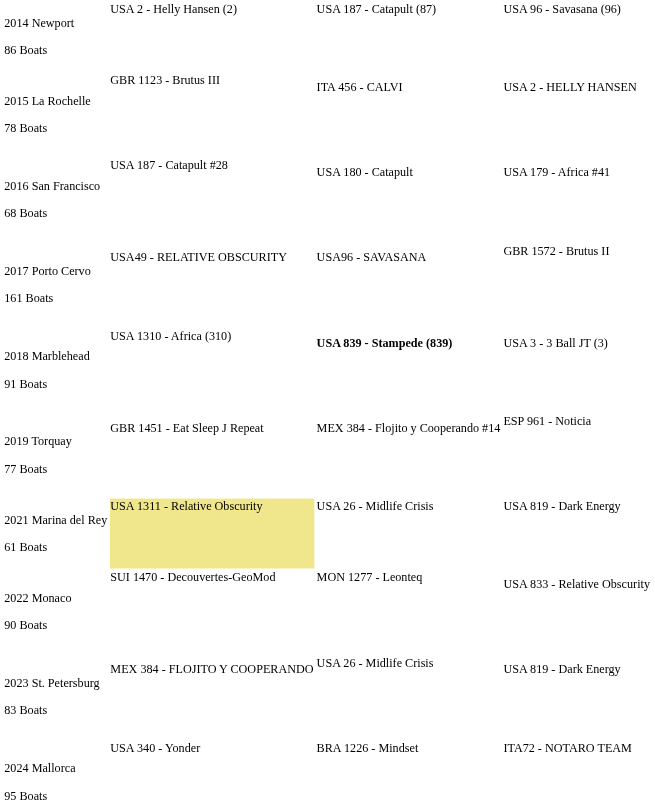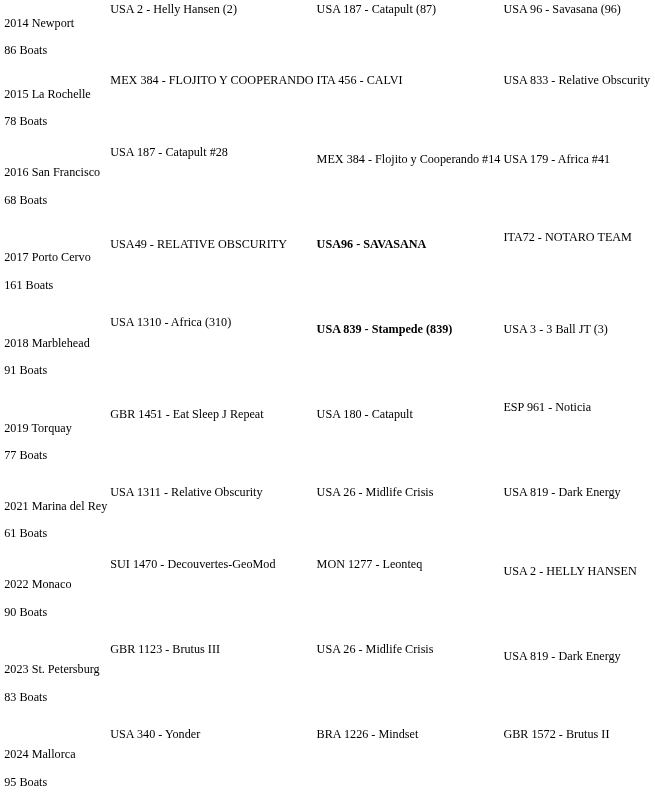 <table>
 <tr>
 <td>2014 Newport<br><br>86 Boats</td>
 <td>USA 2 - Helly Hansen (2)<br><br><br> <br> <br> </td>
 <td>USA 187 - Catapult (87)<br><br><br> <br> <br> </td>
 <td>USA 96 - Savasana (96)<br><br><br> <br> <br> </td>
 <td></td>
 </tr>
 <tr>
 <td>2015 La Rochelle<br><br>78 Boats</td>
-<td>GBR 1123 - Brutus III<br><br><br><br> <br> <br> </td>
+<td>MEX  384 - FLOJITO Y COOPERANDO <br><br><br> <br> <br> </td>
 <td>ITA 456 - CALVI<br><br><br> <br> <br> </td>
-<td>USA 2 - HELLY HANSEN <br><br><br> <br> <br> </td>
+<td>USA 833 - Relative Obscurity<br><br><br><br> <br> </td>
 <td></td>
 </tr>
 <tr>
 <td>2016 San Francisco<br><br>68 Boats</td>
 <td>USA 187 - Catapult #28<br><br><br> <br> <br> <br></td>
-<td>USA 180 - Catapult<br><br><br><br> <br> </td>
+<td>MEX 384 - Flojito y Cooperando	 #14<br><br><br> <br> <br> </td>
 <td>USA 179 - Africa #41<br><br><br> <br> <br> </td>
 <td></td>
 </tr>
 <tr>
 <td>2017 Porto Cervo<br><br>161 Boats</td>
 <td>USA49 - RELATIVE OBSCURITY<br><br><br> <br> <br> </td>
-<td>USA96 - SAVASANA <br><br><br> <br> <br> </td>
-<td>GBR 1572 - Brutus II<br><br><br><br> <br> <br> </td>
+<td><strong>USA96 - SAVASANA <br><br><br> <br> <br> </strong></td>
+<td>ITA72 - NOTARO TEAM<br><br><br> <br> <br> <br> </td>
 <td></td>
 </tr>
 <tr>
 <td>2018 Marblehead<br><br>91 Boats</td>
 <td>USA 1310 - Africa (310)<br><br><br> <br> <br> <br></td>
 <td><strong>USA 839 - Stampede (839)<br><br><br> <br> <br> </strong></td>
 <td>USA 3 - 3 Ball JT (3)<br><br><br> <br> <br> </td>
 <td></td>
 </tr>
 <tr>
 <td>2019 Torquay<br><br>77 Boats</td>
 <td>GBR 1451 - Eat Sleep J Repeat<br><br><br><br> <br> </td>
-<td>MEX 384 - Flojito y Cooperando	 #14<br><br><br> <br> <br> </td>
+<td>USA 180 - Catapult<br><br><br><br> <br> </td>
 <td>ESP 961 - Noticia<br><br><br><br> <br> <br> </td>
 <td></td>
 </tr>
 <tr>
 <td>2021 Marina del Rey<br><br>61 Boats</td>
-<td style="background: khaki;">USA 1311 - Relative Obscurity<br><br><br><br> <br> </td>
+<td>USA 1311 - Relative Obscurity<br><br><br><br> <br> </td>
 <td>USA 26 - Midlife Crisis<br><br><br><br> <br> </td>
 <td>USA 819 - Dark Energy<br><br><br><br> <br> </td>
 <td></td>
 </tr>
 <tr>
 <td>2022 Monaco<br><br>90 Boats</td>
 <td>SUI 1470 - Decouvertes-GeoMod<br><br><br><br> <br> <br> </td>
 <td>MON 1277 - Leonteq<br><br><br><br> <br> <br> </td>
-<td>USA 833 - Relative Obscurity<br><br><br><br> <br> </td>
+<td>USA 2 - HELLY HANSEN <br><br><br> <br> <br> </td>
 <td></td>
 </tr>
 <tr>
 <td>2023 St. Petersburg<br><br>83 Boats</td>
-<td>MEX  384 - FLOJITO Y COOPERANDO <br><br><br> <br> <br> </td>
+<td>GBR 1123 - Brutus III<br><br><br><br> <br> <br> </td>
 <td>USA 26 - Midlife Crisis<br><br><br><br> <br> <br></td>
 <td>USA 819 - Dark Energy<br><br><br><br> <br> </td>
 <td></td>
 </tr>
 <tr>
 <td>2024 Mallorca<br><br>95 Boats</td>
 <td>USA 340 - Yonder<br><br><br><br> <br> <br></td>
 <td>BRA 1226 - Mindset<br><br><br><br> <br> <br></td>
-<td>ITA72 - NOTARO TEAM<br><br><br> <br> <br> <br> </td>
+<td>GBR 1572 - Brutus II<br><br><br><br> <br> <br> </td>
 <td></td>
 </tr>
 </table>
